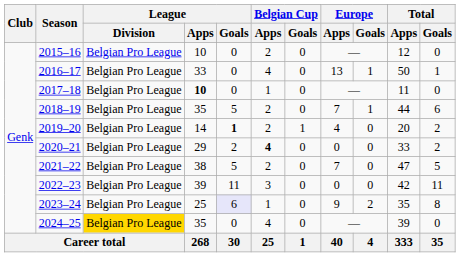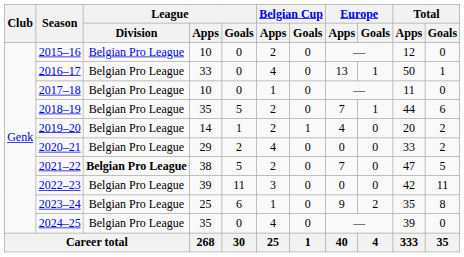 <table class="wikitable" style="text-align:center">
 <tr>
 <th rowspan="2">Club</th>
 <th rowspan="2">Season</th>
 <th colspan="3">League</th>
 <th colspan="2"><a href='#'>Belgian Cup</a></th>
 <th colspan="2"><a href='#'>Europe</a></th>
 <th colspan="2">Total</th>
 </tr>
 <tr>
 <th>Division</th>
 <th>Apps</th>
 <th>Goals</th>
 <th>Apps</th>
 <th>Goals</th>
 <th>Apps</th>
 <th>Goals</th>
 <th>Apps</th>
 <th>Goals</th>
 </tr>
 <tr>
 <td rowspan="10"><a href='#'>Genk</a></td>
 <td><a href='#'>2015–16</a></td>
 <td><a href='#'>Belgian Pro League</a></td>
 <td>10</td>
 <td>0</td>
 <td>2</td>
 <td>0</td>
 <td colspan="2">—</td>
 <td>12</td>
 <td>0</td>
 </tr>
 <tr>
 <td><a href='#'>2016–17</a></td>
 <td>Belgian Pro League</td>
 <td>33</td>
 <td>0</td>
 <td>4</td>
 <td>0</td>
 <td>13</td>
 <td>1</td>
 <td>50</td>
 <td>1</td>
 </tr>
 <tr>
 <td><a href='#'>2017–18</a></td>
 <td>Belgian Pro League</td>
-<td><strong>10</strong></td>
+<td>10</td>
 <td>0</td>
 <td>1</td>
 <td>0</td>
 <td colspan="2">—</td>
 <td>11</td>
 <td>0</td>
 </tr>
 <tr>
 <td><a href='#'>2018–19</a></td>
 <td>Belgian Pro League</td>
 <td>35</td>
 <td>5</td>
 <td>2</td>
 <td>0</td>
 <td>7</td>
 <td>1</td>
 <td>44</td>
 <td>6</td>
 </tr>
 <tr>
 <td><a href='#'>2019–20</a></td>
 <td>Belgian Pro League</td>
 <td>14</td>
-<td><strong>1</strong></td>
+<td>1</td>
 <td>2</td>
 <td>1</td>
 <td>4</td>
 <td>0</td>
 <td>20</td>
 <td>2</td>
 </tr>
 <tr>
 <td><a href='#'>2020–21</a></td>
 <td>Belgian Pro League</td>
 <td>29</td>
 <td>2</td>
-<td><strong>4</strong></td>
+<td>4</td>
 <td>0</td>
 <td>0</td>
 <td>0</td>
 <td>33</td>
 <td>2</td>
 </tr>
 <tr>
 <td><a href='#'>2021–22</a></td>
-<td>Belgian Pro League</td>
+<td><strong>Belgian Pro League</strong></td>
 <td>38</td>
 <td>5</td>
 <td>2</td>
 <td>0</td>
 <td>7</td>
 <td>0</td>
 <td>47</td>
 <td>5</td>
 </tr>
 <tr>
 <td><a href='#'>2022–23</a></td>
 <td>Belgian Pro League</td>
 <td>39</td>
 <td>11</td>
 <td>3</td>
 <td>0</td>
 <td>0</td>
 <td>0</td>
 <td>42</td>
 <td>11</td>
 </tr>
 <tr>
 <td><a href='#'>2023–24</a></td>
 <td>Belgian Pro League</td>
 <td>25</td>
-<td style="background: lavender;">6</td>
+<td>6</td>
 <td>1</td>
 <td>0</td>
 <td>9</td>
 <td>2</td>
 <td>35</td>
 <td>8</td>
 </tr>
 <tr>
 <td><a href='#'>2024–25</a></td>
-<td style="background: gold;">Belgian Pro League</td>
+<td>Belgian Pro League</td>
 <td>35</td>
 <td>0</td>
 <td>4</td>
 <td>0</td>
 <td colspan="2">—</td>
 <td>39</td>
 <td>0</td>
 </tr>
 <tr>
 <th colspan="3">Career total</th>
 <th>268</th>
 <th>30</th>
 <th>25</th>
 <th>1</th>
 <th>40</th>
 <th>4</th>
 <th>333</th>
 <th>35</th>
 </tr>
 </table>
